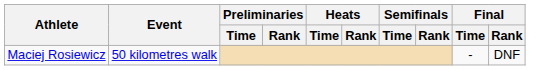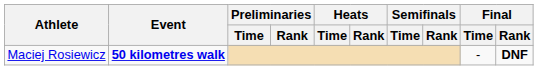 <table class=wikitable style="font-size:90%;">
 <tr>
 <th rowspan="2">Athlete</th>
 <th rowspan="2">Event</th>
 <th colspan="2">Preliminaries</th>
 <th colspan="2">Heats</th>
 <th colspan="2">Semifinals</th>
 <th colspan="2">Final</th>
 </tr>
 <tr>
 <th>Time</th>
 <th>Rank</th>
 <th>Time</th>
 <th>Rank</th>
 <th>Time</th>
 <th>Rank</th>
 <th>Time</th>
 <th>Rank</th>
 </tr>
 <tr style="border-top: single;">
 <td><a href='#'>Maciej Rosiewicz</a></td>
-<td><a href='#'>50 kilometres walk</a></td>
+<td><strong><a href='#'>50 kilometres walk</a></strong></td>
 <td colspan= 6 bgcolor="wheat"></td>
 <td align=center>-</td>
-<td align=center>DNF</td>
+<td align=center><strong>DNF</strong></td>
 </tr>
 </table>
